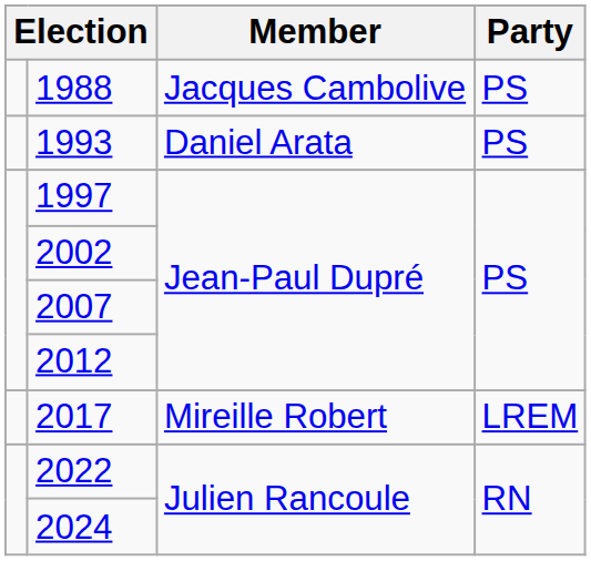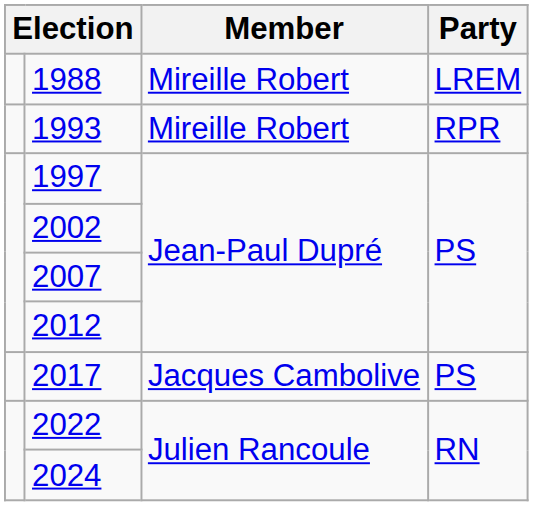 <table class="wikitable">
 <tr>
 <th colspan="2">Election</th>
 <th>Member</th>
 <th>Party</th>
 </tr>
 <tr>
 <td style="color:inherit;background-color: "></td>
 <td><a href='#'>1988</a></td>
-<td><a href='#'>Jacques Cambolive</a></td>
-<td><a href='#'>PS</a></td>
+<td><a href='#'>Mireille Robert</a></td>
+<td><a href='#'>LREM</a></td>
 </tr>
 <tr>
 <td style="color:inherit;background-color: "></td>
 <td><a href='#'>1993</a></td>
-<td><a href='#'>Daniel Arata</a></td>
-<td><a href='#'>PS</a></td>
+<td><a href='#'>Mireille Robert</a></td>
+<td><a href='#'>RPR</a></td>
 </tr>
 <tr>
 <td rowspan="4" style="color:inherit;background-color: "></td>
 <td><a href='#'>1997</a></td>
 <td rowspan="4"><a href='#'>Jean-Paul Dupré</a></td>
 <td rowspan="4"><a href='#'>PS</a></td>
 </tr>
 <tr>
 <td><a href='#'>2002</a></td>
 </tr>
 <tr>
 <td><a href='#'>2007</a></td>
 </tr>
 <tr>
 <td><a href='#'>2012</a></td>
 </tr>
 <tr>
 <td style="color:inherit;background-color: "></td>
 <td><a href='#'>2017</a></td>
-<td><a href='#'>Mireille Robert</a></td>
-<td><a href='#'>LREM</a></td>
+<td><a href='#'>Jacques Cambolive</a></td>
+<td><a href='#'>PS</a></td>
 </tr>
 <tr>
 <td rowspan="2" style="color:inherit;background-color: "></td>
 <td><a href='#'>2022</a></td>
 <td rowspan="2"><a href='#'>Julien Rancoule</a></td>
 <td rowspan="2"><a href='#'>RN</a></td>
 </tr>
 <tr>
 <td><a href='#'>2024</a></td>
 </tr>
 </table>
